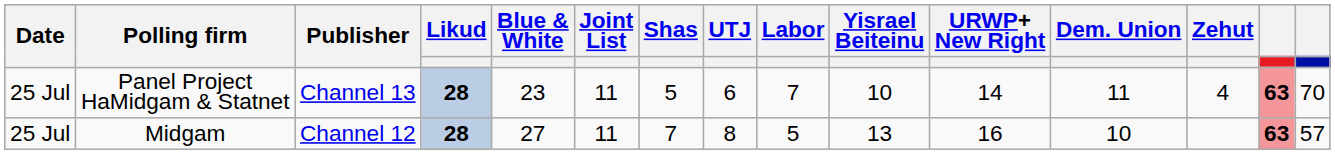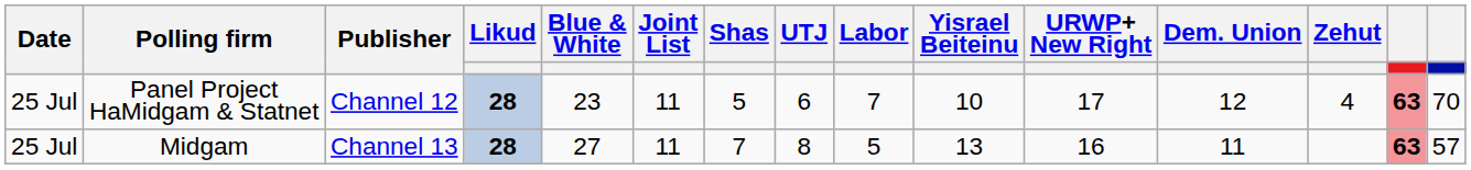 <table class="wikitable sortable" style="text-align:center;font-size:90%;line-height:13px">
 <tr>
 <th rowspan="2">Date</th>
 <th rowspan="2">Polling firm</th>
 <th rowspan="2">Publisher</th>
 <th><a href='#'>Likud</a></th>
 <th><a href='#'>Blue &<br>White</a></th>
 <th><a href='#'>Joint<br>List</a></th>
 <th><a href='#'>Shas</a></th>
 <th><a href='#'>UTJ</a></th>
 <th><a href='#'>Labor</a></th>
 <th><a href='#'>Yisrael<br>Beiteinu</a></th>
 <th><a href='#'>URWP</a>+<br><a href='#'>New Right</a></th>
 <th><a href='#'>Dem. Union</a></th>
 <th><a href='#'>Zehut</a></th>
 <th></th>
 <th></th>
 </tr>
 <tr>
 <th style="background:"></th>
 <th style="background:"></th>
 <th style="background:"></th>
 <th style="background:"></th>
 <th style="background:"></th>
 <th style="background:"></th>
 <th style="background:"></th>
 <th style="background:"></th>
 <th style="background:"></th>
 <th style="background:"></th>
 <th style="background:#E81B23;"></th>
 <th style="background:#000EA3;"></th>
 </tr>
 <tr>
 <td data-sort-value="2019-07-25">25 Jul</td>
 <td>Panel Project<br>HaMidgam & Statnet</td>
-<td><a href='#'>Channel 13</a></td>
+<td><a href='#'>Channel 12</a></td>
 <td style="background:#BBCDE4"><strong>28</strong>	</td>
 <td>23					</td>
 <td>11					</td>
 <td>5					</td>
 <td>6					</td>
 <td>7					</td>
 <td>10					</td>
-<td>14					</td>
-<td>11					</td>
+<td>17					</td>
+<td>12					</td>
 <td>4					</td>
 <td style="background:#F4959A"><strong>63</strong>	</td>
 <td>70					</td>
 </tr>
 <tr>
 <td data-sort-value="2019-07-25">25 Jul</td>
 <td>Midgam</td>
-<td><a href='#'>Channel 12</a></td>
+<td><a href='#'>Channel 13</a></td>
 <td style="background:#BBCDE4"><strong>28</strong>	</td>
 <td>27					</td>
 <td>11					</td>
 <td>7					</td>
 <td>8					</td>
 <td>5					</td>
 <td>13					</td>
 <td>16					</td>
-<td>10					</td>
+<td>11					</td>
 <td>			</td>
 <td style="background:#F4959A"><strong>63</strong></td>
 <td>57					</td>
 </tr>
 </table>
